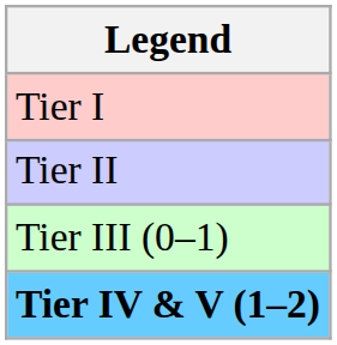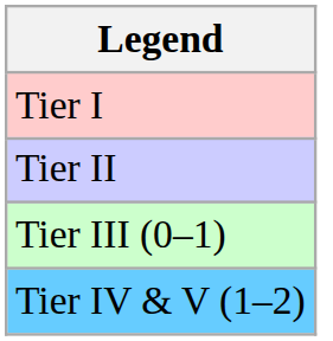 <table class=wikitable style=font-size:90%>
 <tr>
 <th>Legend</th>
 </tr>
 <tr>
 <td style="background:#fcc;">Tier I</td>
 </tr>
 <tr>
 <td style="background:#ccf;">Tier II</td>
 </tr>
 <tr>
 <td style="background:#cfc;">Tier III (0–1)</td>
 </tr>
 <tr>
-<td style="background:#6cf;"><strong>Tier IV & V (1–2)</strong></td>
+<td style="background:#6cf;">Tier IV & V (1–2)</td>
 </tr>
 </table>
